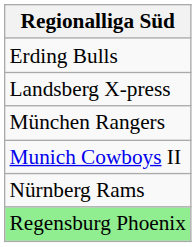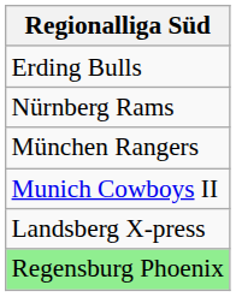 <table class="wikitable">
 <tr>
 <th>Regionalliga Süd</th>
 </tr>
 <tr>
 <td>Erding Bulls</td>
 </tr>
 <tr>
-<td>Landsberg X-press</td>
+<td>Nürnberg Rams</td>
 </tr>
 <tr>
 <td>München Rangers</td>
 </tr>
 <tr>
 <td><a href='#'>Munich Cowboys</a> II</td>
 </tr>
 <tr>
-<td>Nürnberg Rams</td>
+<td>Landsberg X-press</td>
 </tr>
 <tr>
 <td style="background: lightgreen;">Regensburg Phoenix</td>
 </tr>
 </table>
